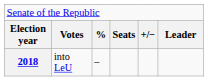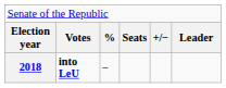 <table class=wikitable style="width:50%; border:1px #AAAAFF solid">
 <tr>
 <td colspan=6><a href='#'>Senate of the Republic</a></td>
 </tr>
 <tr>
 <th width=13%>Election year</th>
 <th width=16%>Votes</th>
 <th width=6%>%</th>
 <th width=1%>Seats</th>
 <th width=8%>+/−</th>
 <th width=18%>Leader</th>
 </tr>
 <tr>
 <th><a href='#'>2018</a></th>
-<td>into <a href='#'>LeU</a></td>
+<td><strong>into <a href='#'>LeU</a></strong></td>
 <td>–</td>
 <td></td>
 <td></td>
 <td></td>
 </tr>
 </table>
